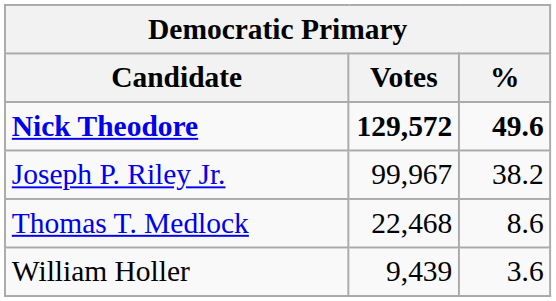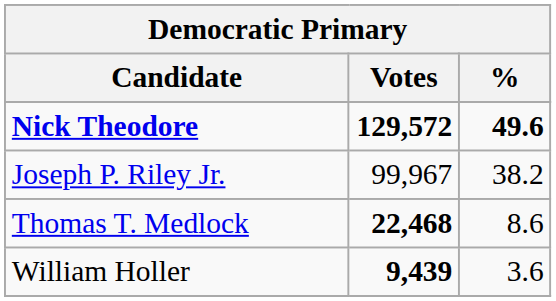 <table class="wikitable" style="font-size: 95%;">
 <tr>
 <th colspan="3">Democratic Primary</th>
 </tr>
 <tr>
 <th colspan="1" style="width: 170px">Candidate</th>
 <th style="width: 50px">Votes</th>
 <th style="width: 40px">%</th>
 </tr>
 <tr>
 </tr>
 <tr>
 <td><strong><a href='#'>Nick Theodore</a></strong></td>
 <td align="right"><strong>129,572</strong></td>
 <td align="right"><strong>49.6</strong></td>
 </tr>
 <tr>
 <td><a href='#'>Joseph P. Riley Jr.</a></td>
 <td align="right">99,967</td>
 <td align="right">38.2</td>
 </tr>
 <tr>
 <td><a href='#'>Thomas T. Medlock</a></td>
-<td align="right">22,468</td>
+<td align="right"><strong>22,468</strong></td>
 <td align="right">8.6</td>
 </tr>
 <tr>
 <td>William Holler</td>
-<td align="right">9,439</td>
+<td align="right"><strong>9,439</strong></td>
 <td align="right">3.6</td>
 </tr>
 <tr>
 </tr>
 </table>
